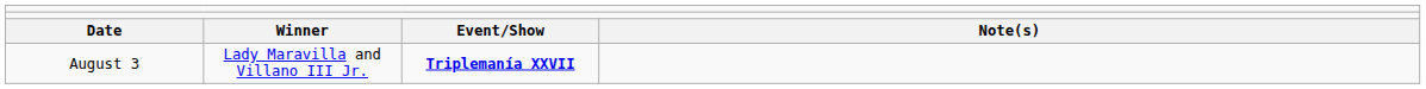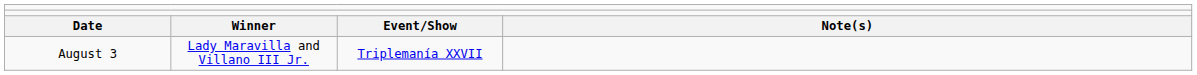 <table class="wikitable" style="text-align:center; width:100%;">
 <tr>
 <td colspan="4"></td>
 </tr>
 <tr>
 <td colspan="4"><strong></strong></td>
 </tr>
 <tr>
 <th width=14%>Date</th>
 <th width=14%>Winner</th>
 <th width=14%>Event/Show</th>
 <th width=58%>Note(s)</th>
 </tr>
 <tr>
 <td>August 3</td>
 <td><a href='#'>Lady Maravilla</a> and <a href='#'>Villano III Jr.</a></td>
-<td><strong><a href='#'>Triplemanía XXVII</a></strong></td>
+<td><a href='#'>Triplemanía XXVII</a></td>
 <td></td>
 </tr>
 </table>
